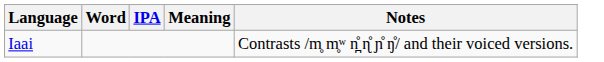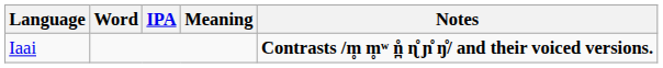 <table class="wikitable">
 <tr>
 <th colspan="2">Language</th>
 <th>Word</th>
 <th><a href='#'>IPA</a></th>
 <th>Meaning</th>
 <th>Notes</th>
 </tr>
 <tr>
 <td colspan="2"><a href='#'>Iaai</a></td>
 <td colspan="3"></td>
-<td>Contrasts /m̥ m̥ʷ n̪̊ ɳ̊ ɲ̊ ŋ̊/ and their voiced versions.</td>
+<td><strong>Contrasts /m̥ m̥ʷ n̪̊ ɳ̊ ɲ̊ ŋ̊/ and their voiced versions.</strong></td>
 </tr>
 </table>
